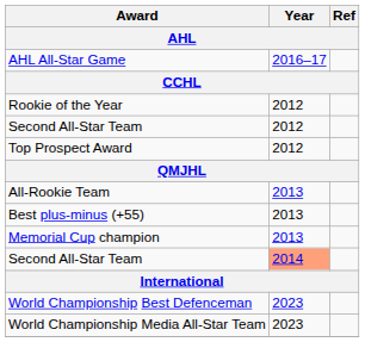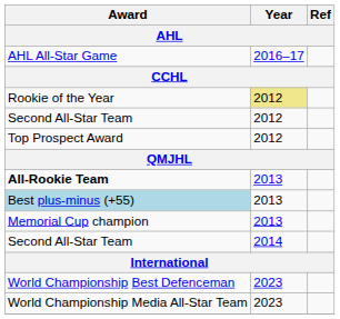 <table class="wikitable">
 <tr>
 <th>Award</th>
 <th>Year</th>
 <th>Ref</th>
 </tr>
 <tr>
 <th colspan="3"><a href='#'>AHL</a></th>
 </tr>
 <tr>
 <td><a href='#'>AHL All-Star Game</a></td>
 <td><a href='#'>2016–17</a></td>
 <td></td>
 </tr>
 <tr>
 <th colspan="3"><a href='#'>CCHL</a></th>
 </tr>
 <tr>
 <td>Rookie of the Year</td>
-<td>2012</td>
+<td style="background: khaki;">2012</td>
 <td></td>
 </tr>
 <tr>
 <td>Second All-Star Team</td>
 <td>2012</td>
 <td></td>
 </tr>
 <tr>
 <td>Top Prospect Award</td>
 <td>2012</td>
 <td></td>
 </tr>
 <tr>
 <th colspan="3"><a href='#'>QMJHL</a></th>
 </tr>
 <tr>
-<td>All-Rookie Team</td>
+<td><strong>All-Rookie Team</strong></td>
 <td><a href='#'>2013</a></td>
 <td></td>
 </tr>
 <tr>
-<td>Best <a href='#'>plus-minus</a> (+55)</td>
+<td style="background: lightblue;">Best <a href='#'>plus-minus</a> (+55)</td>
 <td>2013</td>
 <td></td>
 </tr>
 <tr>
 <td><a href='#'>Memorial Cup</a> champion</td>
 <td><a href='#'>2013</a></td>
 <td></td>
 </tr>
 <tr>
 <td>Second All-Star Team</td>
-<td style="background: lightsalmon;"><a href='#'>2014</a></td>
+<td><a href='#'>2014</a></td>
 <td></td>
 </tr>
 <tr ALIGN="center" bgcolor="#e0e0e0">
 <th colspan="4"><a href='#'>International</a></th>
 </tr>
 <tr>
 <td><a href='#'>World Championship</a> <a href='#'>Best Defenceman</a></td>
 <td><a href='#'>2023</a></td>
 <td></td>
 </tr>
 <tr>
 <td>World Championship Media All-Star Team</td>
 <td>2023</td>
 <td></td>
 </tr>
 <tr>
 </tr>
 </table>
